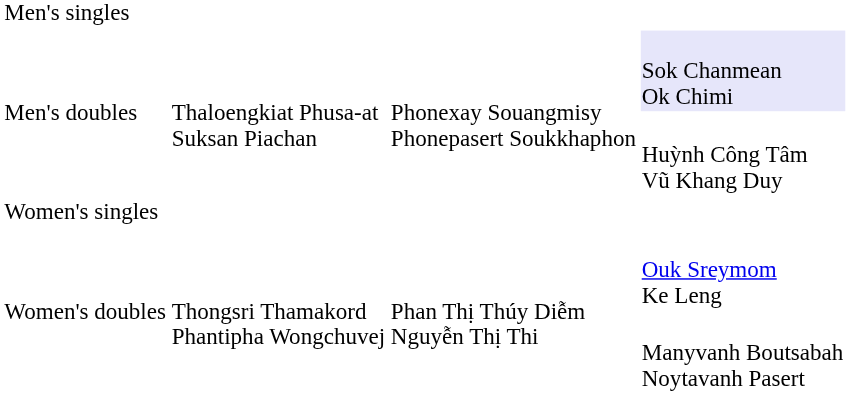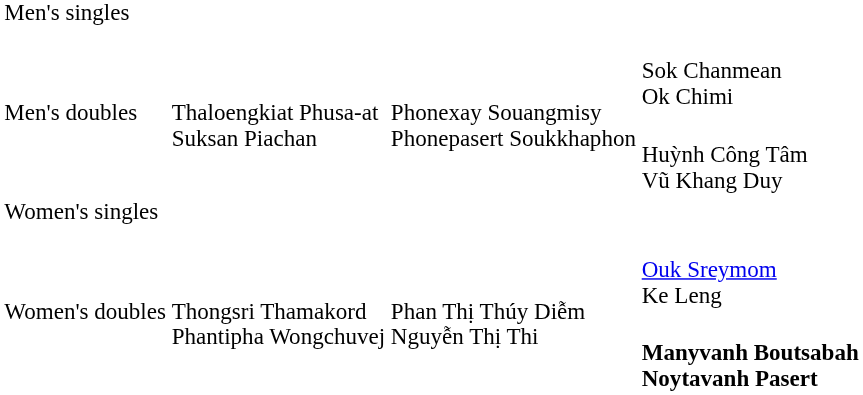 <table>
 <tr>
 <td rowspan=2>Men's singles</td>
 <td rowspan=2></td>
 <td rowspan=2></td>
 <td></td>
 </tr>
 <tr>
 <td></td>
 </tr>
 <tr>
 <td rowspan=2>Men's doubles</td>
 <td rowspan=2><br>Thaloengkiat Phusa-at<br>Suksan Piachan</td>
 <td rowspan=2><br>Phonexay Souangmisy<br>Phonepasert Soukkhaphon</td>
-<td style="background: lavender;"><br>Sok Chanmean<br>Ok Chimi</td>
+<td><br>Sok Chanmean<br>Ok Chimi</td>
 </tr>
 <tr>
 <td><br>Huỳnh Công Tâm<br>Vũ Khang Duy</td>
 </tr>
 <tr>
 <td rowspan=2>Women's singles</td>
 <td rowspan=2></td>
 <td rowspan=2></td>
 <td></td>
 </tr>
 <tr>
 <td></td>
 </tr>
 <tr>
 <td rowspan=2>Women's doubles</td>
 <td rowspan=2><br>Thongsri Thamakord<br>Phantipha Wongchuvej</td>
 <td rowspan=2><br>Phan Thị Thúy Diễm<br>Nguyễn Thị Thi</td>
 <td><br><a href='#'>Ouk Sreymom</a><br>Ke Leng</td>
 </tr>
 <tr>
-<td><br>Manyvanh Boutsabah<br>Noytavanh Pasert</td>
+<td><strong><br>Manyvanh Boutsabah<br>Noytavanh Pasert</strong></td>
 </tr>
 </table>
